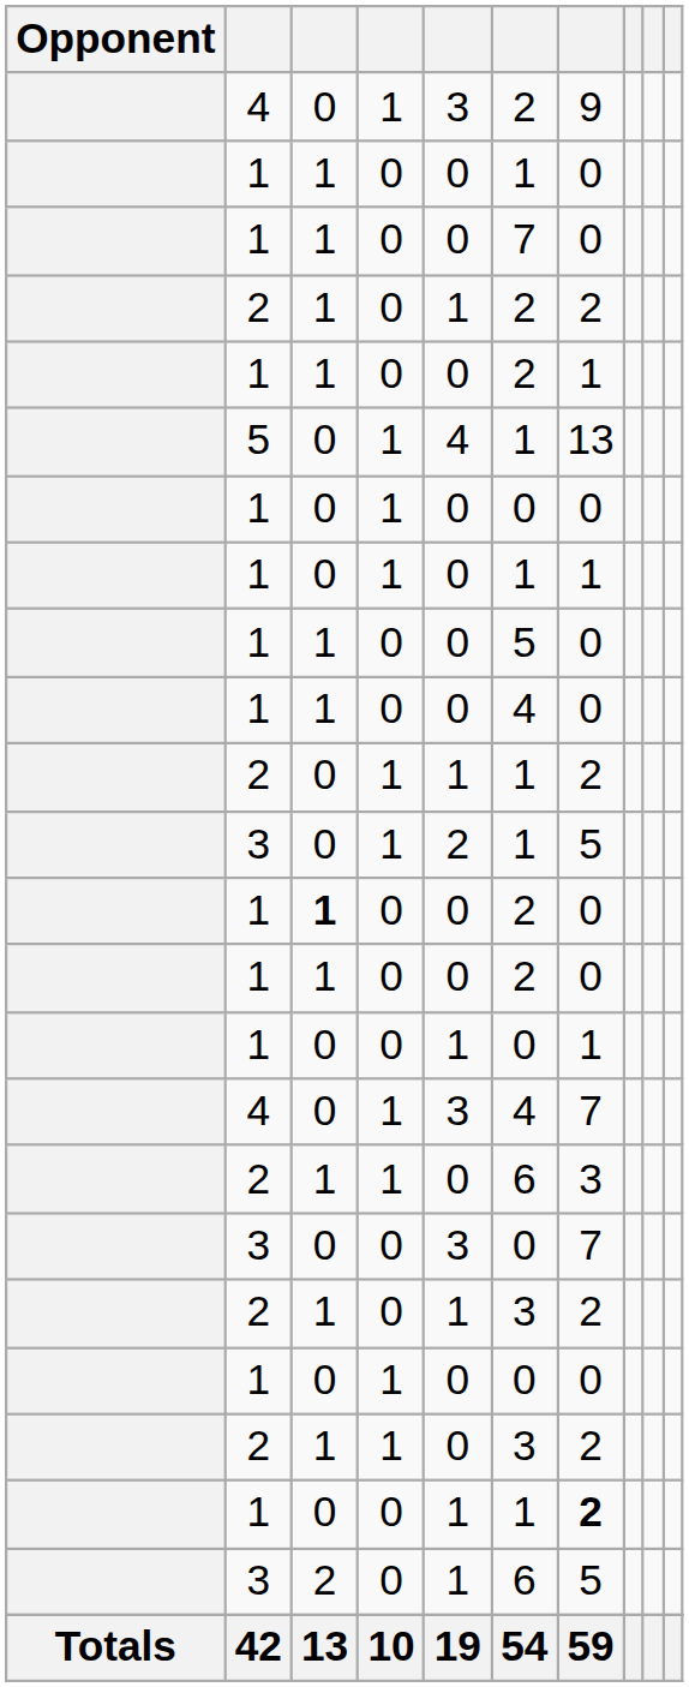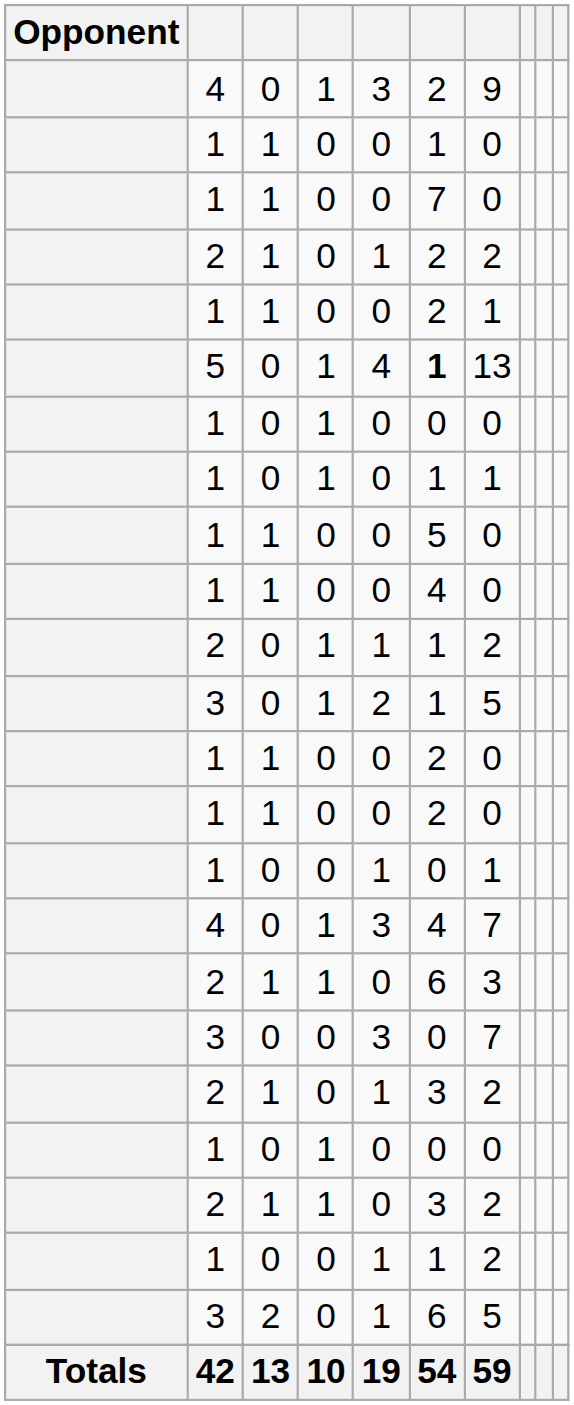 <table class="wikitable plainrowheaders sortable" style="text-align:center">
 <tr>
 <th scope=col>Opponent</th>
 <th scope=col></th>
 <th scope=col></th>
 <th scope=col></th>
 <th scope=col></th>
 <th scope=col></th>
 <th scope=col></th>
 <th scope=col></th>
 <th scope=col></th>
 <th scope=col></th>
 </tr>
 <tr>
 <th scope=row style="text-align:left;"></th>
 <td>4</td>
 <td>0</td>
 <td>1</td>
 <td>3</td>
 <td>2</td>
 <td>9</td>
 <td></td>
 <td></td>
 <td></td>
 </tr>
 <tr>
 <th scope=row style="text-align:left;"></th>
 <td>1</td>
 <td>1</td>
 <td>0</td>
 <td>0</td>
 <td>1</td>
 <td>0</td>
 <td></td>
 <td></td>
 <td></td>
 </tr>
 <tr>
 <th scope=row style="text-align:left;"></th>
 <td>1</td>
 <td>1</td>
 <td>0</td>
 <td>0</td>
 <td>7</td>
 <td>0</td>
 <td></td>
 <td></td>
 <td></td>
 </tr>
 <tr>
 <th scope=row style="text-align:left;"></th>
 <td>2</td>
 <td>1</td>
 <td>0</td>
 <td>1</td>
 <td>2</td>
 <td>2</td>
 <td></td>
 <td></td>
 <td></td>
 </tr>
 <tr>
 <th scope=row style="text-align:left;"></th>
 <td>1</td>
 <td>1</td>
 <td>0</td>
 <td>0</td>
 <td>2</td>
 <td>1</td>
 <td></td>
 <td></td>
 <td></td>
 </tr>
 <tr>
 <th scope=row style="text-align:left;"></th>
 <td>5</td>
 <td>0</td>
 <td>1</td>
 <td>4</td>
-<td>1</td>
+<td><strong>1</strong></td>
 <td>13</td>
 <td></td>
 <td></td>
 <td></td>
 </tr>
 <tr>
 <th scope=row style="text-align:left;"></th>
 <td>1</td>
 <td>0</td>
 <td>1</td>
 <td>0</td>
 <td>0</td>
 <td>0</td>
 <td></td>
 <td></td>
 <td></td>
 </tr>
 <tr>
 <th scope=row style="text-align:left;"></th>
 <td>1</td>
 <td>0</td>
 <td>1</td>
 <td>0</td>
 <td>1</td>
 <td>1</td>
 <td></td>
 <td></td>
 <td></td>
 </tr>
 <tr>
 <th scope=row style="text-align:left;"></th>
 <td>1</td>
 <td>1</td>
 <td>0</td>
 <td>0</td>
 <td>5</td>
 <td>0</td>
 <td></td>
 <td></td>
 <td></td>
 </tr>
 <tr>
 <th scope=row style="text-align:left;"></th>
 <td>1</td>
 <td>1</td>
 <td>0</td>
 <td>0</td>
 <td>4</td>
 <td>0</td>
 <td></td>
 <td></td>
 <td></td>
 </tr>
 <tr>
 <th scope=row style="text-align:left;"></th>
 <td>2</td>
 <td>0</td>
 <td>1</td>
 <td>1</td>
 <td>1</td>
 <td>2</td>
 <td></td>
 <td></td>
 <td></td>
 </tr>
 <tr>
 <th scope=row style="text-align:left;"></th>
 <td>3</td>
 <td>0</td>
 <td>1</td>
 <td>2</td>
 <td>1</td>
 <td>5</td>
 <td></td>
 <td></td>
 <td></td>
 </tr>
 <tr>
 <th scope=row style="text-align:left;"></th>
 <td>1</td>
-<td><strong>1</strong></td>
+<td>1</td>
 <td>0</td>
 <td>0</td>
 <td>2</td>
 <td>0</td>
 <td></td>
 <td></td>
 <td></td>
 </tr>
 <tr>
 <th scope=row style="text-align:left;"></th>
 <td>1</td>
 <td>1</td>
 <td>0</td>
 <td>0</td>
 <td>2</td>
 <td>0</td>
 <td></td>
 <td></td>
 <td></td>
 </tr>
 <tr>
 <th scope=row style="text-align:left;"></th>
 <td>1</td>
 <td>0</td>
 <td>0</td>
 <td>1</td>
 <td>0</td>
 <td>1</td>
 <td></td>
 <td></td>
 <td></td>
 </tr>
 <tr>
 <th scope=row style="text-align:left;"></th>
 <td>4</td>
 <td>0</td>
 <td>1</td>
 <td>3</td>
 <td>4</td>
 <td>7</td>
 <td></td>
 <td></td>
 <td></td>
 </tr>
 <tr>
 <th scope=row style="text-align:left;"></th>
 <td>2</td>
 <td>1</td>
 <td>1</td>
 <td>0</td>
 <td>6</td>
 <td>3</td>
 <td></td>
 <td></td>
 <td></td>
 </tr>
 <tr>
 <th scope=row style="text-align:left;"></th>
 <td>3</td>
 <td>0</td>
 <td>0</td>
 <td>3</td>
 <td>0</td>
 <td>7</td>
 <td></td>
 <td></td>
 <td></td>
 </tr>
 <tr>
 <th scope=row style="text-align:left;"></th>
 <td>2</td>
 <td>1</td>
 <td>0</td>
 <td>1</td>
 <td>3</td>
 <td>2</td>
 <td></td>
 <td></td>
 <td></td>
 </tr>
 <tr>
 <th scope=row style="text-align:left;"></th>
 <td>1</td>
 <td>0</td>
 <td>1</td>
 <td>0</td>
 <td>0</td>
 <td>0</td>
 <td></td>
 <td></td>
 <td></td>
 </tr>
 <tr>
 <th scope=row style="text-align:left;"></th>
 <td>2</td>
 <td>1</td>
 <td>1</td>
 <td>0</td>
 <td>3</td>
 <td>2</td>
 <td></td>
 <td></td>
 <td></td>
 </tr>
 <tr>
 <th scope=row style="text-align:left;"></th>
 <td>1</td>
 <td>0</td>
 <td>0</td>
 <td>1</td>
 <td>1</td>
-<td><strong>2</strong></td>
+<td>2</td>
 <td></td>
 <td></td>
 <td></td>
 </tr>
 <tr>
 <th scope=row style="text-align:left;"></th>
 <td>3</td>
 <td>2</td>
 <td>0</td>
 <td>1</td>
 <td>6</td>
 <td>5</td>
 <td></td>
 <td></td>
 <td></td>
 </tr>
 <tr>
 </tr>
 <tr class="sortbottom">
 <th>Totals</th>
 <th>42</th>
 <th>13</th>
 <th>10</th>
 <th>19</th>
 <th>54</th>
 <th>59</th>
 <th></th>
 <th></th>
 <th></th>
 </tr>
 </table>
